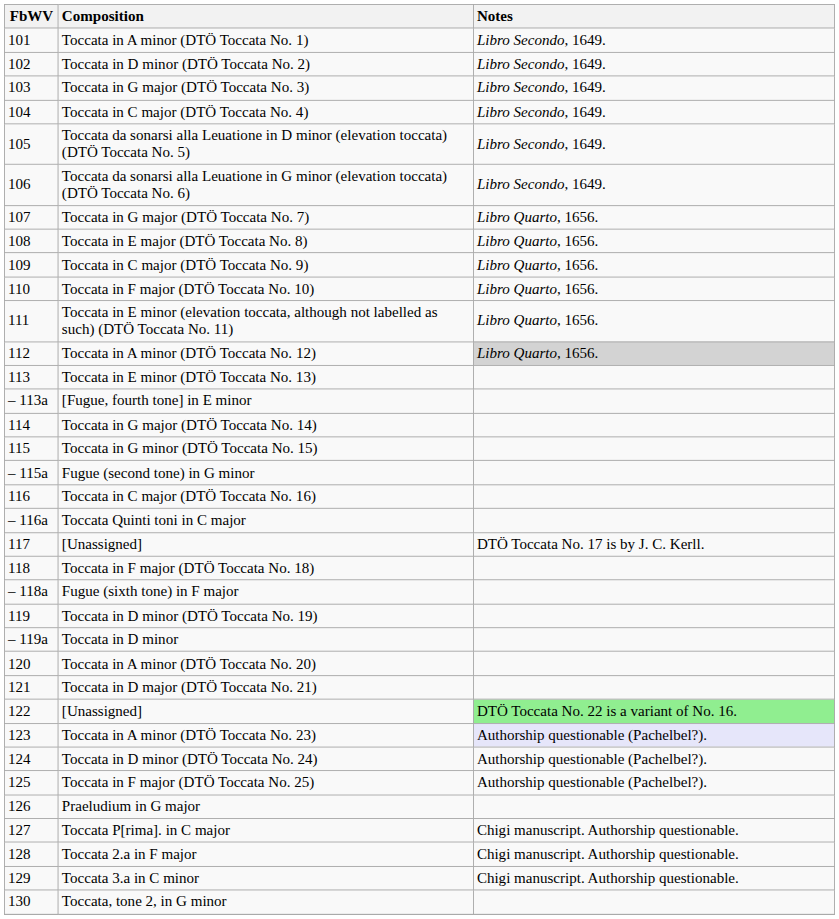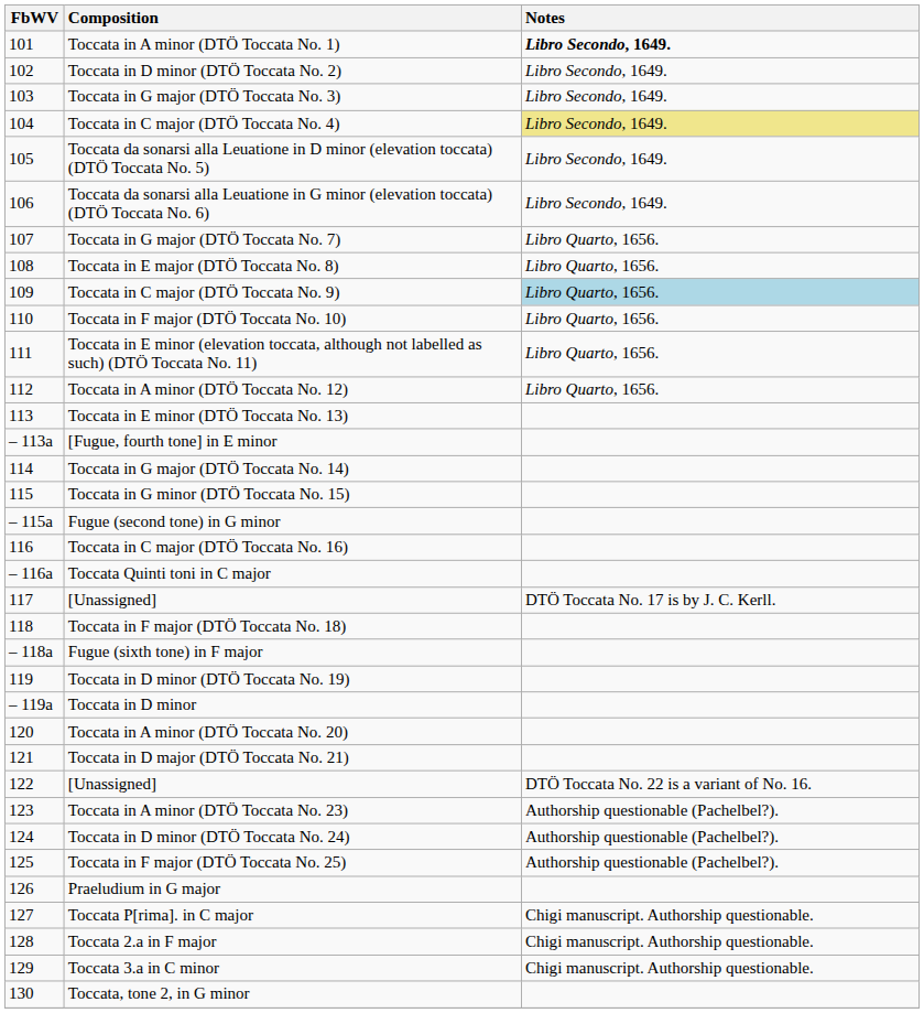 <table class="wikitable" width="100%">
 <tr>
 <th width="50">FbWV</th>
 <th style="text-align: left; width: 50%">Composition</th>
 <th style="text-align: left;">Notes</th>
 </tr>
 <tr>
 <td>101</td>
 <td>Toccata in A minor (DTÖ Toccata No. 1)</td>
-<td><em>Libro Secondo</em>, 1649.</td>
+<td><strong><em>Libro Secondo</em>, 1649.</strong></td>
 </tr>
 <tr>
 <td>102</td>
 <td>Toccata in D minor (DTÖ Toccata No. 2)</td>
 <td><em>Libro Secondo</em>, 1649.</td>
 </tr>
 <tr>
 <td>103</td>
 <td>Toccata in G major (DTÖ Toccata No. 3)</td>
 <td><em>Libro Secondo</em>, 1649.</td>
 </tr>
 <tr>
 <td>104</td>
 <td>Toccata in C major (DTÖ Toccata No. 4)</td>
-<td><em>Libro Secondo</em>, 1649.</td>
+<td style="background: khaki;"><em>Libro Secondo</em>, 1649.</td>
 </tr>
 <tr>
 <td>105</td>
 <td>Toccata da sonarsi alla Leuatione in D minor (elevation toccata) (DTÖ Toccata No. 5)</td>
 <td><em>Libro Secondo</em>, 1649.</td>
 </tr>
 <tr>
 <td>106</td>
 <td>Toccata da sonarsi alla Leuatione in G minor (elevation toccata) (DTÖ Toccata No. 6)</td>
 <td><em>Libro Secondo</em>, 1649.</td>
 </tr>
 <tr>
 <td>107</td>
 <td>Toccata in G major (DTÖ Toccata No. 7)</td>
 <td><em>Libro Quarto</em>, 1656.</td>
 </tr>
 <tr>
 <td>108</td>
 <td>Toccata in E major (DTÖ Toccata No. 8)</td>
 <td><em>Libro Quarto</em>, 1656.</td>
 </tr>
 <tr>
 <td>109</td>
 <td>Toccata in C major (DTÖ Toccata No. 9)</td>
-<td><em>Libro Quarto</em>, 1656.</td>
+<td style="background: lightblue;"><em>Libro Quarto</em>, 1656.</td>
 </tr>
 <tr>
 <td>110</td>
 <td>Toccata in F major (DTÖ Toccata No. 10)</td>
 <td><em>Libro Quarto</em>, 1656.</td>
 </tr>
 <tr>
 <td>111</td>
 <td>Toccata in E minor (elevation toccata, although not labelled as such) (DTÖ Toccata No. 11)</td>
 <td><em>Libro Quarto</em>, 1656.</td>
 </tr>
 <tr>
 <td>112</td>
 <td>Toccata in A minor (DTÖ Toccata No. 12)</td>
-<td style="background: lightgrey;"><em>Libro Quarto</em>, 1656.</td>
+<td><em>Libro Quarto</em>, 1656.</td>
 </tr>
 <tr>
 <td>113</td>
 <td>Toccata in E minor (DTÖ Toccata No. 13)</td>
 <td></td>
 </tr>
 <tr>
 <td>– 113a</td>
 <td>[Fugue, fourth tone] in E minor</td>
 <td></td>
 </tr>
 <tr>
 <td>114</td>
 <td>Toccata in G major (DTÖ Toccata No. 14)</td>
 <td></td>
 </tr>
 <tr>
 <td>115</td>
 <td>Toccata in G minor (DTÖ Toccata No. 15)</td>
 <td></td>
 </tr>
 <tr>
 <td>– 115a</td>
 <td>Fugue (second tone) in G minor</td>
 <td></td>
 </tr>
 <tr>
 <td>116</td>
 <td>Toccata in C major (DTÖ Toccata No. 16)</td>
 <td></td>
 </tr>
 <tr>
 <td>– 116a</td>
 <td>Toccata Quinti toni in C major</td>
 <td></td>
 </tr>
 <tr>
 <td>117</td>
 <td>[Unassigned]</td>
 <td>DTÖ Toccata No. 17 is by J. C. Kerll.</td>
 </tr>
 <tr>
 <td>118</td>
 <td>Toccata in F major (DTÖ Toccata No. 18)</td>
 <td></td>
 </tr>
 <tr>
 <td>– 118a</td>
 <td>Fugue (sixth tone) in F major</td>
 <td></td>
 </tr>
 <tr>
 <td>119</td>
 <td>Toccata in D minor (DTÖ Toccata No. 19)</td>
 <td></td>
 </tr>
 <tr>
 <td>– 119a</td>
 <td>Toccata in D minor</td>
 <td></td>
 </tr>
 <tr>
 <td>120</td>
 <td>Toccata in A minor (DTÖ Toccata No. 20)</td>
 <td></td>
 </tr>
 <tr>
 <td>121</td>
 <td>Toccata in D major (DTÖ Toccata No. 21)</td>
 <td></td>
 </tr>
 <tr>
 <td>122</td>
 <td>[Unassigned]</td>
-<td style="background: lightgreen;">DTÖ Toccata No. 22 is a variant of No. 16.</td>
+<td>DTÖ Toccata No. 22 is a variant of No. 16.</td>
 </tr>
 <tr>
 <td>123</td>
 <td>Toccata in A minor (DTÖ Toccata No. 23)</td>
-<td style="background: lavender;">Authorship questionable (Pachelbel?).</td>
+<td>Authorship questionable (Pachelbel?).</td>
 </tr>
 <tr>
 <td>124</td>
 <td>Toccata in D minor (DTÖ Toccata No. 24)</td>
 <td>Authorship questionable (Pachelbel?).</td>
 </tr>
 <tr>
 <td>125</td>
 <td>Toccata in F major (DTÖ Toccata No. 25)</td>
 <td>Authorship questionable (Pachelbel?).</td>
 </tr>
 <tr>
 <td>126</td>
 <td>Praeludium in G major</td>
 <td></td>
 </tr>
 <tr>
 <td>127</td>
 <td>Toccata P[rima]. in C major</td>
 <td>Chigi manuscript. Authorship questionable.</td>
 </tr>
 <tr>
 <td>128</td>
 <td>Toccata 2.a in F major</td>
 <td>Chigi manuscript. Authorship questionable.</td>
 </tr>
 <tr>
 <td>129</td>
 <td>Toccata 3.a in C minor</td>
 <td>Chigi manuscript. Authorship questionable.</td>
 </tr>
 <tr>
 <td>130</td>
 <td>Toccata, tone 2, in G minor</td>
 <td></td>
 </tr>
 <tr>
 </tr>
 </table>
